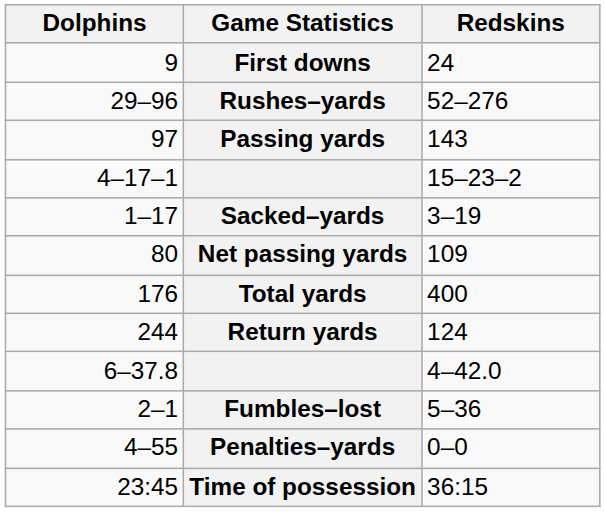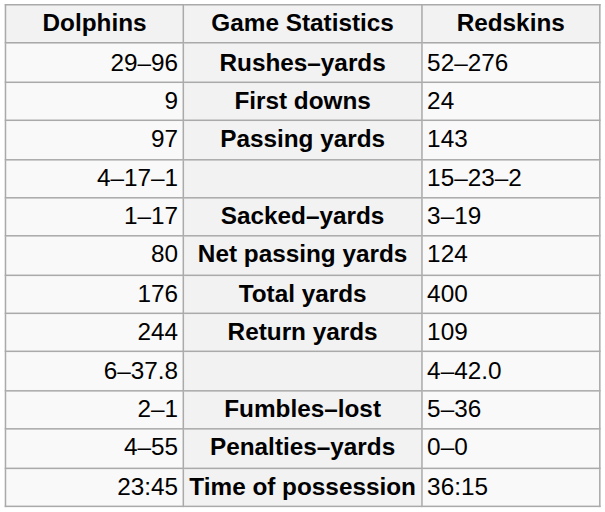 <table class="wikitable" style="margin: 1em auto 1em auto">
 <tr>
 <th style="width:30%;">Dolphins</th>
 <th style="width:40%;">Game Statistics</th>
 <th style="width:30%;">Redskins</th>
 </tr>
 <tr>
+<td style="text-align:right;">29–96</td>
+<th>Rushes–yards</th>
+<td>52–276</td>
+</tr>
+<tr>
 <td style="text-align:right;">9</td>
 <th>First downs</th>
 <td>24</td>
-</tr>
-<tr>
-<td style="text-align:right;">29–96</td>
-<th>Rushes–yards</th>
-<td>52–276</td>
 </tr>
 <tr>
 <td style="text-align:right;">97</td>
 <th>Passing yards</th>
 <td>143</td>
 </tr>
 <tr>
 <td style="text-align:right;">4–17–1</td>
 <th></th>
 <td>15–23–2</td>
 </tr>
 <tr>
 <td style="text-align:right;">1–17</td>
 <th>Sacked–yards</th>
 <td>3–19</td>
 </tr>
 <tr>
 <td style="text-align:right;">80</td>
 <th>Net passing yards</th>
-<td>109</td>
+<td>124</td>
 </tr>
 <tr>
 <td style="text-align:right;">176</td>
 <th>Total yards</th>
 <td>400</td>
 </tr>
 <tr>
 <td style="text-align:right;">244</td>
 <th>Return yards</th>
-<td>124</td>
+<td>109</td>
 </tr>
 <tr>
 <td style="text-align:right;">6–37.8</td>
 <th></th>
 <td>4–42.0</td>
 </tr>
 <tr>
 <td style="text-align:right;">2–1</td>
 <th>Fumbles–lost</th>
 <td>5–36</td>
 </tr>
 <tr>
 <td style="text-align:right;">4–55</td>
 <th>Penalties–yards</th>
 <td>0–0</td>
 </tr>
 <tr>
 <td style="text-align:right;">23:45</td>
 <th>Time of possession</th>
 <td>36:15</td>
 </tr>
 </table>
